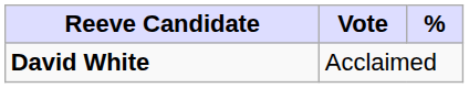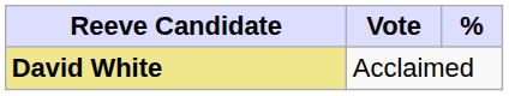 <table class="wikitable">
 <tr>
 <th style="background:#ddf; width:200px;">Reeve Candidate</th>
 <th style="background:#ddf; width:50px;">Vote</th>
 <th style="background:#ddf; width:30px;">%</th>
 </tr>
 <tr>
-<td><strong>David White</strong></td>
+<td style="background: khaki;"><strong>David White</strong></td>
 <td colspan="2">Acclaimed</td>
 </tr>
 </table>
